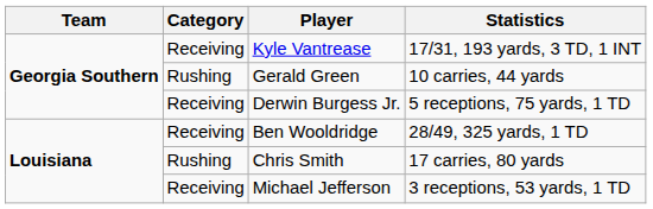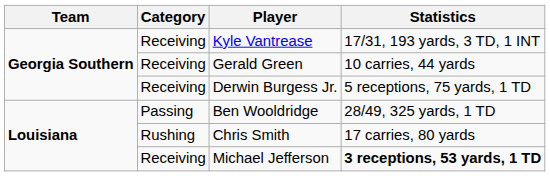 <table class="wikitable" style="float: left;">
 <tr>
 <th>Team</th>
 <th>Category</th>
 <th>Player</th>
 <th>Statistics</th>
 </tr>
 <tr>
 <td rowspan=3><strong>Georgia Southern</strong></td>
 <td>Receiving</td>
 <td><a href='#'>Kyle Vantrease</a></td>
 <td>17/31, 193 yards, 3 TD, 1 INT</td>
 </tr>
 <tr>
-<td>Rushing</td>
+<td>Receiving</td>
 <td>Gerald Green</td>
 <td>10 carries, 44 yards</td>
 </tr>
 <tr>
 <td>Receiving</td>
 <td>Derwin Burgess Jr.</td>
 <td>5 receptions, 75 yards, 1 TD</td>
 </tr>
 <tr>
 <td rowspan=3><strong>Louisiana</strong></td>
-<td>Receiving</td>
+<td>Passing</td>
 <td>Ben Wooldridge</td>
 <td>28/49, 325 yards, 1 TD</td>
 </tr>
 <tr>
 <td>Rushing</td>
 <td>Chris Smith</td>
 <td>17 carries, 80 yards</td>
 </tr>
 <tr>
 <td>Receiving</td>
 <td>Michael Jefferson</td>
-<td>3 receptions, 53 yards, 1 TD</td>
+<td><strong>3 receptions, 53 yards, 1 TD</strong></td>
 </tr>
 </table>
